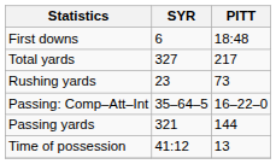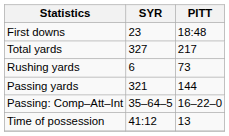 <table class="wikitable" style="float: left;">
 <tr>
 <th>Statistics</th>
 <th>SYR</th>
 <th>PITT</th>
 </tr>
 <tr>
 <td>First downs</td>
-<td>6</td>
+<td>23</td>
 <td>18:48</td>
 </tr>
 <tr>
 <td>Total yards</td>
 <td>327</td>
 <td>217</td>
 </tr>
 <tr>
 <td>Rushing yards</td>
-<td>23</td>
+<td>6</td>
 <td>73</td>
+</tr>
+<tr>
+<td>Passing yards</td>
+<td>321</td>
+<td>144</td>
 </tr>
 <tr>
 <td>Passing: Comp–Att–Int</td>
 <td>35–64–5</td>
 <td>16–22–0</td>
-</tr>
-<tr>
-<td>Passing yards</td>
-<td>321</td>
-<td>144</td>
 </tr>
 <tr>
 <td>Time of possession</td>
 <td>41:12</td>
 <td>13</td>
 </tr>
 <tr>
 </tr>
 </table>
